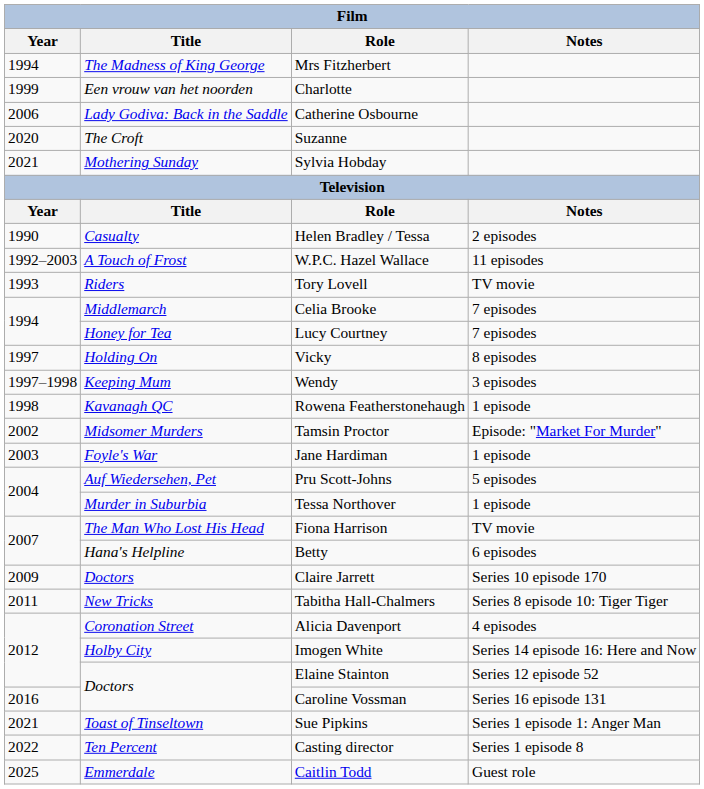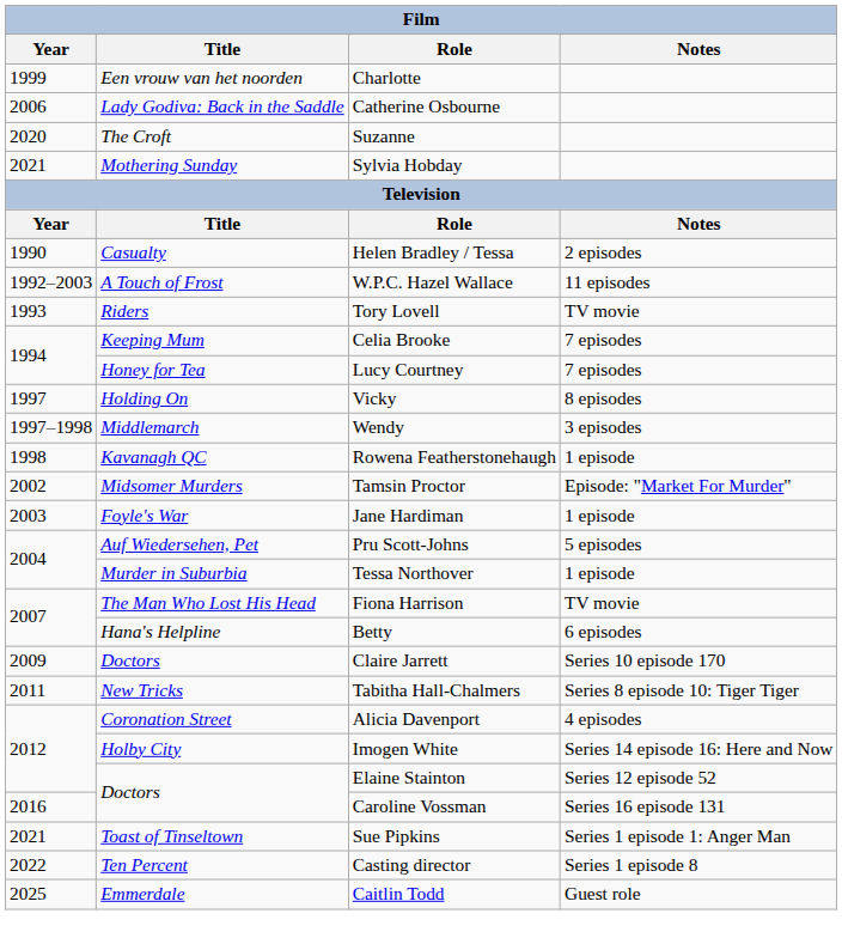 <table class="wikitable" style="font-size: 100%;">
 <tr>
 <th colspan="4" style="background: LightSteelBlue;">Film</th>
 </tr>
 <tr>
 <th>Year</th>
 <th>Title</th>
 <th>Role</th>
 <th>Notes</th>
-</tr>
-<tr>
-<td>1994</td>
-<td><em><a href='#'>The Madness of King George</a></em></td>
-<td>Mrs Fitzherbert</td>
-<td></td>
 </tr>
 <tr>
 <td>1999</td>
 <td><em>Een vrouw van het noorden</em></td>
 <td>Charlotte</td>
 <td></td>
 </tr>
 <tr>
 <td>2006</td>
 <td><em><a href='#'>Lady Godiva: Back in the Saddle</a></em></td>
 <td>Catherine Osbourne</td>
 <td></td>
 </tr>
 <tr>
 <td>2020</td>
 <td><em>The Croft</em></td>
 <td>Suzanne</td>
 </tr>
 <tr>
 <td>2021</td>
 <td><em><a href='#'>Mothering Sunday</a></em></td>
 <td>Sylvia Hobday</td>
 <td></td>
 </tr>
 <tr>
 <th colspan="4" style="background: LightSteelBlue;">Television</th>
 </tr>
 <tr>
 <th>Year</th>
 <th>Title</th>
 <th>Role</th>
 <th>Notes</th>
 </tr>
 <tr>
 <td>1990</td>
 <td><em><a href='#'>Casualty</a></em></td>
 <td>Helen Bradley / Tessa</td>
 <td>2 episodes</td>
 </tr>
 <tr>
 <td>1992–2003</td>
 <td><em><a href='#'>A Touch of Frost</a></em></td>
 <td>W.P.C. Hazel Wallace</td>
 <td>11 episodes</td>
 </tr>
 <tr>
 <td>1993</td>
 <td><em><a href='#'>Riders</a></em></td>
 <td>Tory Lovell</td>
 <td>TV movie</td>
 </tr>
 <tr>
 <td rowspan="2">1994</td>
-<td><em><a href='#'>Middlemarch</a></em></td>
+<td><em><a href='#'>Keeping Mum</a></em></td>
 <td>Celia Brooke</td>
 <td>7 episodes</td>
 </tr>
 <tr>
 <td><em><a href='#'>Honey for Tea</a></em></td>
 <td>Lucy Courtney</td>
 <td>7 episodes</td>
 </tr>
 <tr>
 <td>1997</td>
 <td><em><a href='#'>Holding On</a></em></td>
 <td>Vicky</td>
 <td>8 episodes</td>
 </tr>
 <tr>
 <td>1997–1998</td>
-<td><em><a href='#'>Keeping Mum</a></em></td>
+<td><em><a href='#'>Middlemarch</a></em></td>
 <td>Wendy</td>
 <td>3 episodes</td>
 </tr>
 <tr>
 <td>1998</td>
 <td><em><a href='#'>Kavanagh QC</a></em></td>
 <td>Rowena Featherstonehaugh</td>
 <td>1 episode</td>
 </tr>
 <tr>
 <td>2002</td>
 <td><em><a href='#'>Midsomer Murders</a></em></td>
 <td>Tamsin Proctor</td>
 <td>Episode: "<a href='#'>Market For Murder</a>"</td>
 </tr>
 <tr>
 <td>2003</td>
 <td><em><a href='#'>Foyle's War</a></em></td>
 <td>Jane Hardiman</td>
 <td>1 episode</td>
 </tr>
 <tr>
 <td rowspan="2">2004</td>
 <td><em><a href='#'>Auf Wiedersehen, Pet</a></em></td>
 <td>Pru Scott-Johns</td>
 <td>5 episodes</td>
 </tr>
 <tr>
 <td><em><a href='#'>Murder in Suburbia</a></em></td>
 <td>Tessa Northover</td>
 <td>1 episode</td>
 </tr>
 <tr>
 <td rowspan="2">2007</td>
 <td><em><a href='#'>The Man Who Lost His Head</a></em></td>
 <td>Fiona Harrison</td>
 <td>TV movie</td>
 </tr>
 <tr>
 <td><em>Hana's Helpline</em></td>
 <td>Betty</td>
 <td>6 episodes</td>
 </tr>
 <tr>
 <td>2009</td>
 <td><em><a href='#'>Doctors</a></em></td>
 <td>Claire Jarrett</td>
 <td>Series 10 episode 170</td>
 </tr>
 <tr>
 <td>2011</td>
 <td><em><a href='#'>New Tricks</a></em></td>
 <td>Tabitha Hall-Chalmers</td>
 <td>Series 8 episode 10: Tiger Tiger</td>
 </tr>
 <tr>
 <td rowspan="3">2012</td>
 <td><em><a href='#'>Coronation Street</a></em></td>
 <td>Alicia Davenport</td>
 <td>4 episodes</td>
 </tr>
 <tr>
 <td><em><a href='#'>Holby City</a></em></td>
 <td>Imogen White</td>
 <td>Series 14 episode 16: Here and Now</td>
 </tr>
 <tr>
 <td rowspan="2"><em>Doctors</em></td>
 <td>Elaine Stainton</td>
 <td>Series 12 episode 52</td>
 </tr>
 <tr>
 <td>2016</td>
 <td>Caroline Vossman</td>
 <td>Series 16 episode 131</td>
 </tr>
 <tr>
 <td>2021</td>
 <td><em><a href='#'>Toast of Tinseltown</a></em></td>
 <td>Sue Pipkins</td>
 <td>Series 1 episode 1: Anger Man</td>
 </tr>
 <tr>
 <td>2022</td>
 <td><em><a href='#'>Ten Percent</a></em></td>
 <td>Casting director</td>
 <td>Series 1 episode 8</td>
 </tr>
 <tr>
 <td>2025</td>
 <td><em><a href='#'>Emmerdale</a></em></td>
 <td><a href='#'>Caitlin Todd</a></td>
 <td>Guest role</td>
 </tr>
 </table>
